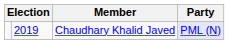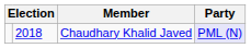 <table class="wikitable">
 <tr>
 <th colspan="2">Election</th>
 <th>Member</th>
 <th>Party</th>
 </tr>
 <tr>
 <td style="background-color: "></td>
-<td><a href='#'>2019</a></td>
+<td><a href='#'>2018</a></td>
 <td><a href='#'>Chaudhary Khalid Javed</a></td>
 <td style="background: lavender;"><a href='#'>PML (N)</a></td>
 </tr>
 </table>
